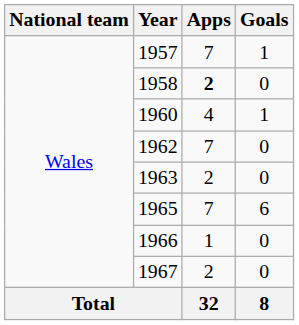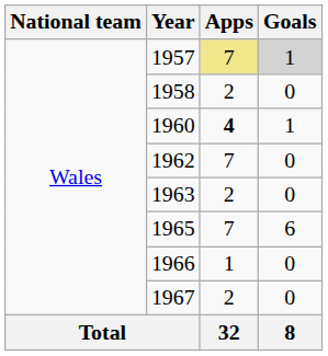 <table class="wikitable" style="text-align:center">
 <tr>
 <th>National team</th>
 <th>Year</th>
 <th>Apps</th>
 <th>Goals</th>
 </tr>
 <tr>
 <td rowspan="8"><a href='#'>Wales</a></td>
 <td>1957</td>
-<td>7</td>
-<td>1</td>
+<td style="background: khaki;">7</td>
+<td style="background: lightgrey;">1</td>
 </tr>
 <tr>
 <td>1958</td>
-<td><strong>2</strong></td>
+<td>2</td>
 <td>0</td>
 </tr>
 <tr>
 <td>1960</td>
-<td>4</td>
+<td><strong>4</strong></td>
 <td>1</td>
 </tr>
 <tr>
 <td>1962</td>
 <td>7</td>
 <td>0</td>
 </tr>
 <tr>
 <td>1963</td>
 <td>2</td>
 <td>0</td>
 </tr>
 <tr>
 <td>1965</td>
 <td>7</td>
 <td>6</td>
 </tr>
 <tr>
 <td>1966</td>
 <td>1</td>
 <td>0</td>
 </tr>
 <tr>
 <td>1967</td>
 <td>2</td>
 <td>0</td>
 </tr>
 <tr>
 <th colspan="2">Total</th>
 <th>32</th>
 <th>8</th>
 </tr>
 </table>
